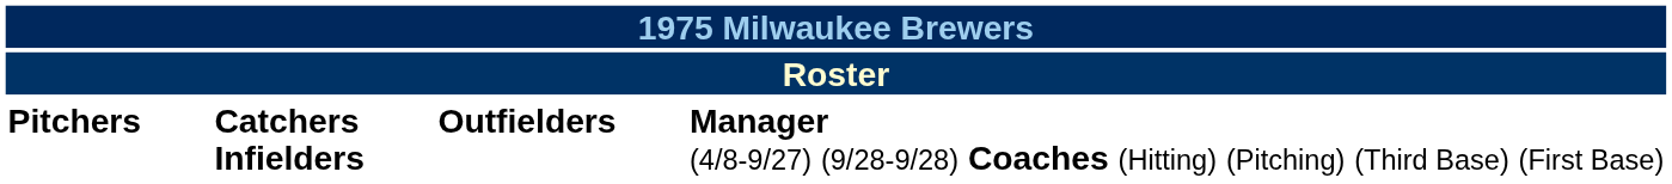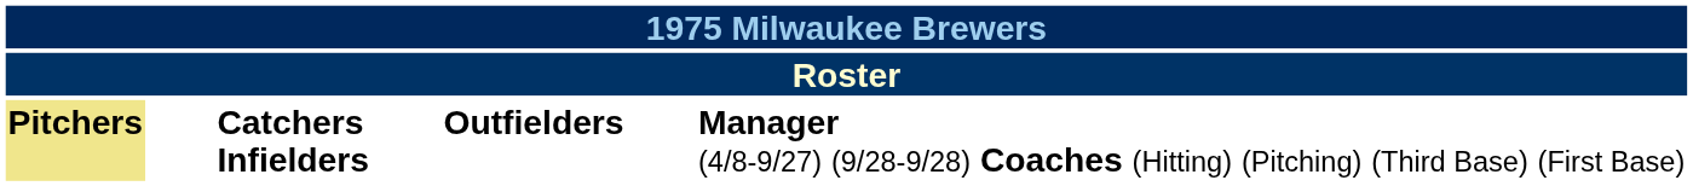 <table class="toccolours" style="font-size: 95%;">
 <tr>
 <th colspan="10" style="background-color: #00285D; color: #9ECEEE; text-align: center;">1975 Milwaukee Brewers</th>
 </tr>
 <tr>
 <td colspan="10" style="background-color: #003366; color: #FFFDD0; text-align: center;"><strong>Roster</strong></td>
 </tr>
 <tr>
-<td valign="top"><strong>Pitchers</strong><br>              </td>
+<td valign="top" style="background: khaki;"><strong>Pitchers</strong><br>              </td>
 <td width="25px"></td>
 <td valign="top"><strong>Catchers</strong><br>  <strong>Infielders</strong>         </td>
 <td width="25px"></td>
 <td valign="top"><strong>Outfielders</strong><br>         </td>
 <td width="25px"></td>
 <td valign="top"><strong>Manager</strong><br> <small>(4/8-9/27)</small>  <small>(9/28-9/28)</small> <strong>Coaches</strong>  <small>(Hitting)</small>  <small>(Pitching)</small>  <small>(Third Base)</small>  <small>(First Base)</small></td>
 </tr>
 <tr>
 </tr>
 </table>
